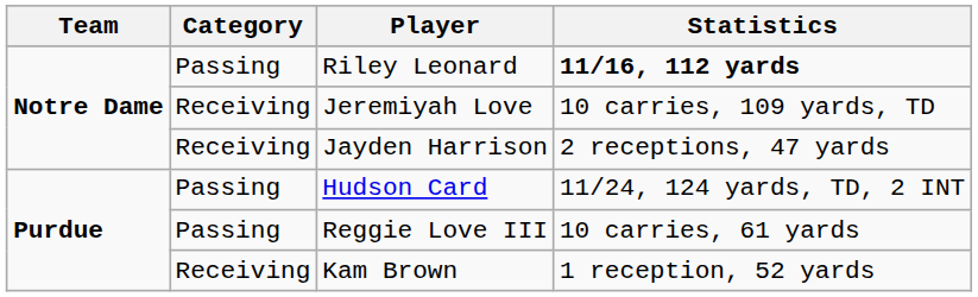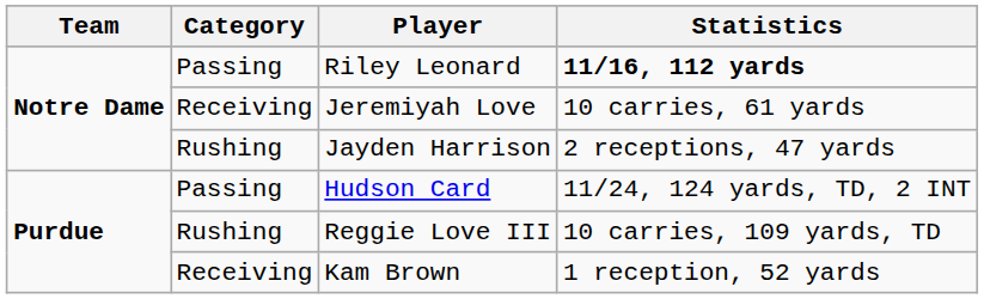 <table class="wikitable" style="float: right;">
 <tr>
 <th>Team</th>
 <th>Category</th>
 <th>Player</th>
 <th>Statistics</th>
 </tr>
 <tr>
 <td rowspan=3><strong>Notre Dame</strong></td>
 <td>Passing</td>
 <td>Riley Leonard</td>
 <td><strong>11/16, 112 yards</strong></td>
 </tr>
 <tr>
 <td>Receiving</td>
 <td>Jeremiyah Love</td>
-<td>10 carries, 109 yards, TD</td>
+<td>10 carries, 61 yards</td>
 </tr>
 <tr>
-<td>Receiving</td>
+<td>Rushing</td>
 <td>Jayden Harrison</td>
 <td>2 receptions, 47 yards</td>
 </tr>
 <tr>
 <td rowspan=3><strong>Purdue</strong></td>
 <td>Passing</td>
 <td><a href='#'>Hudson Card</a></td>
 <td>11/24, 124 yards, TD, 2 INT</td>
 </tr>
 <tr>
-<td>Passing</td>
+<td>Rushing</td>
 <td>Reggie Love III</td>
-<td>10 carries, 61 yards</td>
+<td>10 carries, 109 yards, TD</td>
 </tr>
 <tr>
 <td>Receiving</td>
 <td>Kam Brown</td>
 <td>1 reception, 52 yards</td>
 </tr>
 </table>
